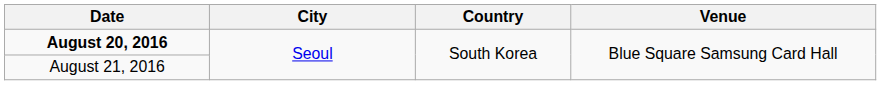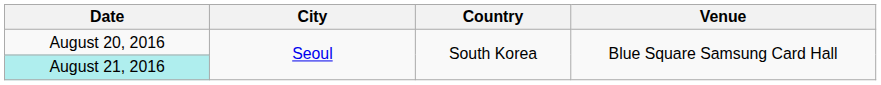 <table class="wikitable" style="text-align:center;">
 <tr>
 <th width="200">Date</th>
 <th width="200">City</th>
 <th width="150">Country</th>
 <th width="300">Venue</th>
 </tr>
 <tr>
-<td><strong>August 20, 2016</strong></td>
+<td>August 20, 2016</td>
 <td rowspan="2"><a href='#'>Seoul</a></td>
 <td rowspan="3">South Korea</td>
 <td rowspan="2">Blue Square Samsung Card Hall</td>
 </tr>
 <tr>
-<td>August 21, 2016</td>
+<td style="background: paleturquoise;">August 21, 2016</td>
 </tr>
 </table>
